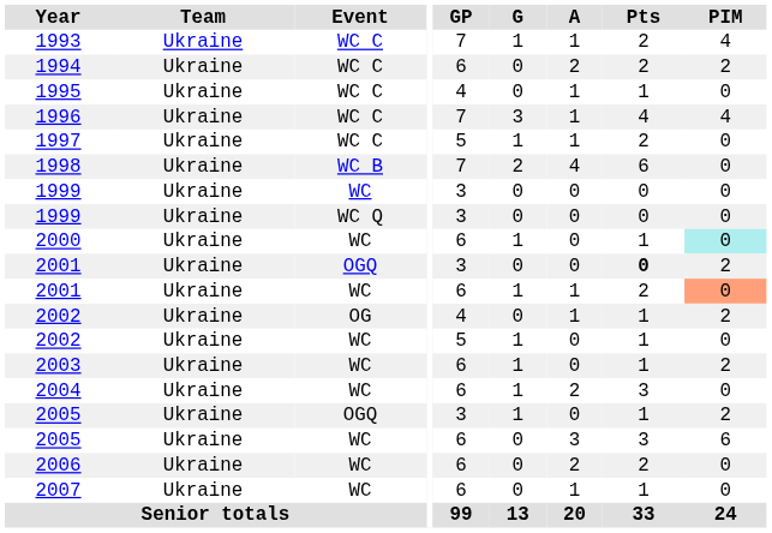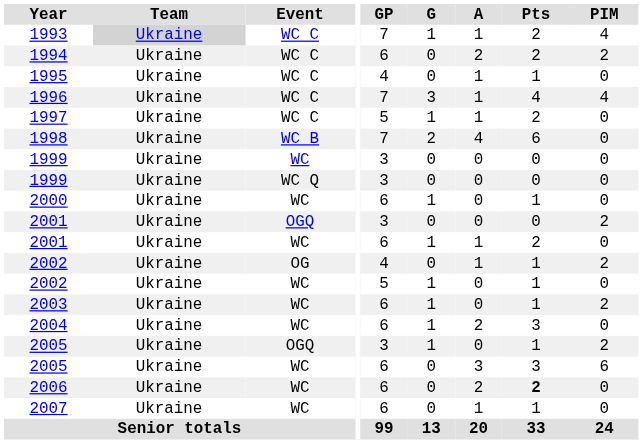 <table border="0" cellpadding="1" cellspacing="0" style="text-align:center; width:40em">
 <tr bgcolor="#e0e0e0">
 <th>Year</th>
 <th>Team</th>
 <th>Event</th>
 <th rowspan="99" bgcolor="#ffffff"></th>
 <th>GP</th>
 <th>G</th>
 <th>A</th>
 <th>Pts</th>
 <th>PIM</th>
 </tr>
 <tr>
 <td><a href='#'>1993</a></td>
-<td><a href='#'>Ukraine</a></td>
+<td style="background: lightgrey;"><a href='#'>Ukraine</a></td>
 <td><a href='#'>WC C</a></td>
 <td>7</td>
 <td>1</td>
 <td>1</td>
 <td>2</td>
 <td>4</td>
 </tr>
 <tr bgcolor="#f0f0f0">
 <td><a href='#'>1994</a></td>
 <td>Ukraine</td>
 <td>WC C</td>
 <td>6</td>
 <td>0</td>
 <td>2</td>
 <td>2</td>
 <td>2</td>
 </tr>
 <tr>
 <td><a href='#'>1995</a></td>
 <td>Ukraine</td>
 <td>WC C</td>
 <td>4</td>
 <td>0</td>
 <td>1</td>
 <td>1</td>
 <td>0</td>
 </tr>
 <tr bgcolor="#f0f0f0">
 <td><a href='#'>1996</a></td>
 <td>Ukraine</td>
 <td>WC C</td>
 <td>7</td>
 <td>3</td>
 <td>1</td>
 <td>4</td>
 <td>4</td>
 </tr>
 <tr>
 <td><a href='#'>1997</a></td>
 <td>Ukraine</td>
 <td>WC C</td>
 <td>5</td>
 <td>1</td>
 <td>1</td>
 <td>2</td>
 <td>0</td>
 </tr>
 <tr bgcolor="#f0f0f0">
 <td><a href='#'>1998</a></td>
 <td>Ukraine</td>
 <td><a href='#'>WC B</a></td>
 <td>7</td>
 <td>2</td>
 <td>4</td>
 <td>6</td>
 <td>0</td>
 </tr>
 <tr>
 <td><a href='#'>1999</a></td>
 <td>Ukraine</td>
 <td><a href='#'>WC</a></td>
 <td>3</td>
 <td>0</td>
 <td>0</td>
 <td>0</td>
 <td>0</td>
 </tr>
 <tr bgcolor="#f0f0f0">
 <td><a href='#'>1999</a></td>
 <td>Ukraine</td>
 <td>WC Q</td>
 <td>3</td>
 <td>0</td>
 <td>0</td>
 <td>0</td>
 <td>0</td>
 </tr>
 <tr>
 <td><a href='#'>2000</a></td>
 <td>Ukraine</td>
 <td>WC</td>
 <td>6</td>
 <td>1</td>
 <td>0</td>
 <td>1</td>
-<td style="background: paleturquoise;">0</td>
+<td>0</td>
 </tr>
 <tr bgcolor="#f0f0f0">
 <td><a href='#'>2001</a></td>
 <td>Ukraine</td>
 <td><a href='#'>OGQ</a></td>
 <td>3</td>
 <td>0</td>
 <td>0</td>
-<td><strong>0</strong></td>
+<td>0</td>
 <td>2</td>
 </tr>
 <tr>
 <td><a href='#'>2001</a></td>
 <td>Ukraine</td>
 <td>WC</td>
 <td>6</td>
 <td>1</td>
 <td>1</td>
 <td>2</td>
-<td style="background: lightsalmon;">0</td>
+<td>0</td>
 </tr>
 <tr bgcolor="#f0f0f0">
 <td><a href='#'>2002</a></td>
 <td>Ukraine</td>
 <td>OG</td>
 <td>4</td>
 <td>0</td>
 <td>1</td>
 <td>1</td>
 <td>2</td>
 </tr>
 <tr>
 <td><a href='#'>2002</a></td>
 <td>Ukraine</td>
 <td>WC</td>
 <td>5</td>
 <td>1</td>
 <td>0</td>
 <td>1</td>
 <td>0</td>
 </tr>
 <tr bgcolor="#f0f0f0">
 <td><a href='#'>2003</a></td>
 <td>Ukraine</td>
 <td>WC</td>
 <td>6</td>
 <td>1</td>
 <td>0</td>
 <td>1</td>
 <td>2</td>
 </tr>
 <tr>
 <td><a href='#'>2004</a></td>
 <td>Ukraine</td>
 <td>WC</td>
 <td>6</td>
 <td>1</td>
 <td>2</td>
 <td>3</td>
 <td>0</td>
 </tr>
 <tr bgcolor="#f0f0f0">
 <td><a href='#'>2005</a></td>
 <td>Ukraine</td>
 <td>OGQ</td>
 <td>3</td>
 <td>1</td>
 <td>0</td>
 <td>1</td>
 <td>2</td>
 </tr>
 <tr>
 <td><a href='#'>2005</a></td>
 <td>Ukraine</td>
 <td>WC</td>
 <td>6</td>
 <td>0</td>
 <td>3</td>
 <td>3</td>
 <td>6</td>
 </tr>
 <tr bgcolor="#f0f0f0">
 <td><a href='#'>2006</a></td>
 <td>Ukraine</td>
 <td>WC</td>
 <td>6</td>
 <td>0</td>
 <td>2</td>
-<td>2</td>
+<td><strong>2</strong></td>
 <td>0</td>
 </tr>
 <tr>
 <td><a href='#'>2007</a></td>
 <td>Ukraine</td>
 <td>WC</td>
 <td>6</td>
 <td>0</td>
 <td>1</td>
 <td>1</td>
 <td>0</td>
 </tr>
 <tr bgcolor="#e0e0e0">
 <th colspan="3">Senior totals</th>
 <th>99</th>
 <th>13</th>
 <th>20</th>
 <th>33</th>
 <th>24</th>
 </tr>
 </table>
